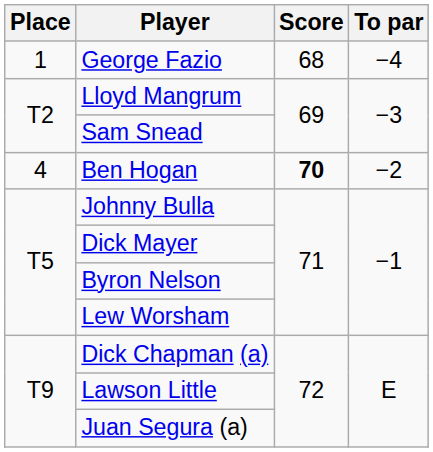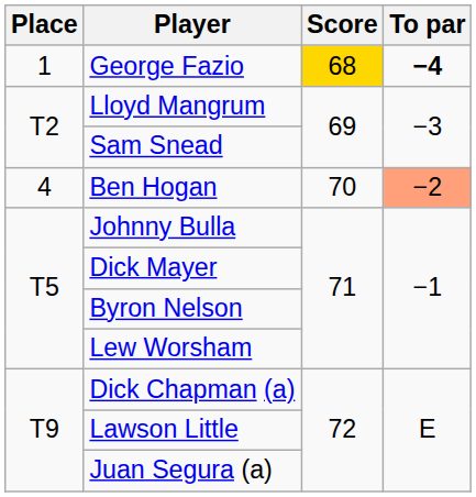 <table class="wikitable">
 <tr>
 <th>Place</th>
 <th>Player</th>
 <th>Score</th>
 <th>To par</th>
 </tr>
 <tr>
 <td align="center">1</td>
 <td> <a href='#'>George Fazio</a></td>
-<td align="center">68</td>
-<td align="center">−4</td>
+<td align="center" style="background: gold;">68</td>
+<td align="center"><strong>−4</strong></td>
 </tr>
 <tr>
 <td rowspan="2" align="center">T2</td>
 <td> <a href='#'>Lloyd Mangrum</a></td>
 <td rowspan="2" align="center">69</td>
 <td rowspan="2" align="center">−3</td>
 </tr>
 <tr>
 <td> <a href='#'>Sam Snead</a></td>
 </tr>
 <tr>
 <td align="center">4</td>
 <td> <a href='#'>Ben Hogan</a></td>
-<td align="center"><strong>70</strong></td>
-<td align="center">−2</td>
+<td align="center">70</td>
+<td align="center" style="background: lightsalmon;">−2</td>
 </tr>
 <tr>
 <td rowspan="4" align="center">T5</td>
 <td> <a href='#'>Johnny Bulla</a></td>
 <td rowspan="4" align="center">71</td>
 <td rowspan="4" align="center">−1</td>
 </tr>
 <tr>
 <td> <a href='#'>Dick Mayer</a></td>
 </tr>
 <tr>
 <td> <a href='#'>Byron Nelson</a></td>
 </tr>
 <tr>
 <td> <a href='#'>Lew Worsham</a></td>
 </tr>
 <tr>
 <td rowspan="3" align="center">T9</td>
 <td> <a href='#'>Dick Chapman</a> <a href='#'>(a)</a></td>
 <td rowspan="3" align="center">72</td>
 <td rowspan="3" align="center">E</td>
 </tr>
 <tr>
 <td> <a href='#'>Lawson Little</a></td>
 </tr>
 <tr>
 <td> <a href='#'>Juan Segura</a> (a)</td>
 </tr>
 </table>
